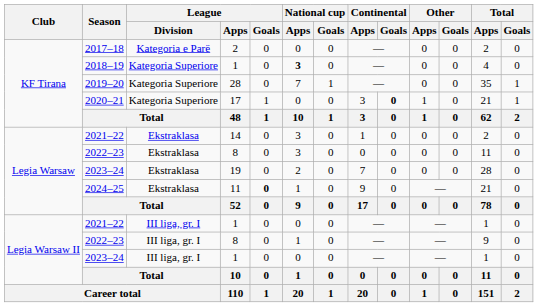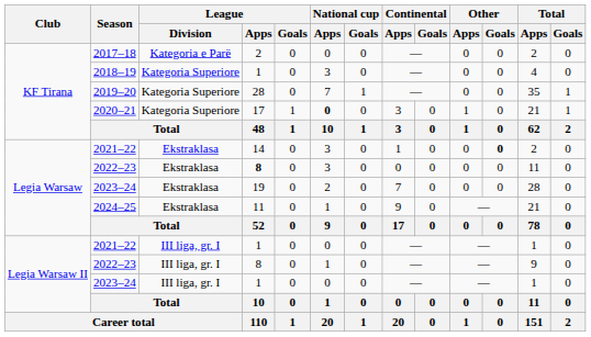 <table class=wikitable style=text-align:center>
 <tr>
 <th rowspan="2">Club</th>
 <th rowspan="2">Season</th>
 <th colspan="3">League</th>
 <th colspan="2">National cup</th>
 <th colspan="2">Continental</th>
 <th colspan="2">Other</th>
 <th colspan="2">Total</th>
 </tr>
 <tr>
 <th>Division</th>
 <th>Apps</th>
 <th>Goals</th>
 <th>Apps</th>
 <th>Goals</th>
 <th>Apps</th>
 <th>Goals</th>
 <th>Apps</th>
 <th>Goals</th>
 <th>Apps</th>
 <th>Goals</th>
 </tr>
 <tr>
 <td rowspan="5"><a href='#'>KF Tirana</a></td>
 <td><a href='#'>2017–18</a></td>
 <td><a href='#'>Kategoria e Parë</a></td>
 <td>2</td>
 <td>0</td>
 <td>0</td>
 <td>0</td>
 <td colspan="2">—</td>
 <td>0</td>
 <td>0</td>
 <td>2</td>
 <td>0</td>
 </tr>
 <tr>
 <td><a href='#'>2018–19</a></td>
 <td><a href='#'>Kategoria Superiore</a></td>
 <td>1</td>
 <td>0</td>
-<td><strong>3</strong></td>
+<td>3</td>
 <td>0</td>
 <td colspan="2">—</td>
 <td>0</td>
 <td>0</td>
 <td>4</td>
 <td>0</td>
 </tr>
 <tr>
 <td><a href='#'>2019–20</a></td>
 <td>Kategoria Superiore</td>
 <td>28</td>
 <td>0</td>
 <td>7</td>
 <td>1</td>
 <td colspan="2">—</td>
 <td>0</td>
 <td>0</td>
 <td>35</td>
 <td>1</td>
 </tr>
 <tr>
 <td><a href='#'>2020–21</a></td>
 <td>Kategoria Superiore</td>
 <td>17</td>
 <td>1</td>
-<td>0</td>
+<td><strong>0</strong></td>
 <td>0</td>
 <td>3</td>
-<td><strong>0</strong></td>
+<td>0</td>
 <td>1</td>
 <td>0</td>
 <td>21</td>
 <td>1</td>
 </tr>
 <tr>
 <th colspan="2"><strong>Total</strong></th>
 <th>48</th>
 <th>1</th>
 <th>10</th>
 <th>1</th>
 <th>3</th>
 <th>0</th>
 <th>1</th>
 <th>0</th>
 <th>62</th>
 <th>2</th>
 </tr>
 <tr>
 <td rowspan="5"><a href='#'>Legia Warsaw</a></td>
 <td><a href='#'>2021–22</a></td>
 <td><a href='#'>Ekstraklasa</a></td>
 <td>14</td>
 <td>0</td>
 <td>3</td>
 <td>0</td>
 <td>1</td>
 <td>0</td>
 <td>0</td>
-<td>0</td>
+<td><strong>0</strong></td>
 <td>2</td>
 <td>0</td>
 </tr>
 <tr>
 <td><a href='#'>2022–23</a></td>
 <td>Ekstraklasa</td>
-<td>8</td>
+<td><strong>8</strong></td>
 <td>0</td>
 <td>3</td>
 <td>0</td>
 <td>0</td>
 <td>0</td>
 <td>0</td>
 <td>0</td>
 <td>11</td>
 <td>0</td>
 </tr>
 <tr>
 <td><a href='#'>2023–24</a></td>
 <td>Ekstraklasa</td>
 <td>19</td>
 <td>0</td>
 <td>2</td>
 <td>0</td>
 <td>7</td>
 <td>0</td>
 <td>0</td>
 <td>0</td>
 <td>28</td>
 <td>0</td>
 </tr>
 <tr>
 <td><a href='#'>2024–25</a></td>
 <td>Ekstraklasa</td>
 <td>11</td>
-<td><strong>0</strong></td>
+<td>0</td>
 <td>1</td>
 <td>0</td>
 <td>9</td>
 <td>0</td>
 <td colspan="2">—</td>
 <td>21</td>
 <td>0</td>
 </tr>
 <tr>
 <th colspan="2"><strong>Total</strong></th>
 <th>52</th>
 <th>0</th>
 <th>9</th>
 <th>0</th>
 <th>17</th>
 <th>0</th>
 <th>0</th>
 <th>0</th>
 <th>78</th>
 <th>0</th>
 </tr>
 <tr>
 <td rowspan="4"><a href='#'>Legia Warsaw II</a></td>
 <td><a href='#'>2021–22</a></td>
 <td><a href='#'>III liga, gr. I</a></td>
 <td>1</td>
 <td>0</td>
 <td>0</td>
 <td>0</td>
 <td colspan="2">—</td>
 <td colspan="2">—</td>
 <td>1</td>
 <td>0</td>
 </tr>
 <tr>
 <td><a href='#'>2022–23</a></td>
 <td>III liga, gr. I</td>
 <td>8</td>
 <td>0</td>
 <td>1</td>
 <td>0</td>
 <td colspan="2">—</td>
 <td colspan="2">—</td>
 <td>9</td>
 <td>0</td>
 </tr>
 <tr>
 <td><a href='#'>2023–24</a></td>
 <td>III liga, gr. I</td>
 <td>1</td>
 <td>0</td>
 <td>0</td>
 <td>0</td>
 <td colspan="2">—</td>
 <td colspan="2">—</td>
 <td>1</td>
 <td>0</td>
 </tr>
 <tr>
 <th colspan="2"><strong>Total</strong></th>
 <th>10</th>
 <th>0</th>
 <th>1</th>
 <th>0</th>
 <th>0</th>
 <th>0</th>
 <th>0</th>
 <th>0</th>
 <th>11</th>
 <th>0</th>
 </tr>
 <tr>
 <th colspan="3"><strong>Career total</strong></th>
 <th>110</th>
 <th>1</th>
 <th>20</th>
 <th>1</th>
 <th>20</th>
 <th>0</th>
 <th>1</th>
 <th>0</th>
 <th>151</th>
 <th>2</th>
 </tr>
 </table>
